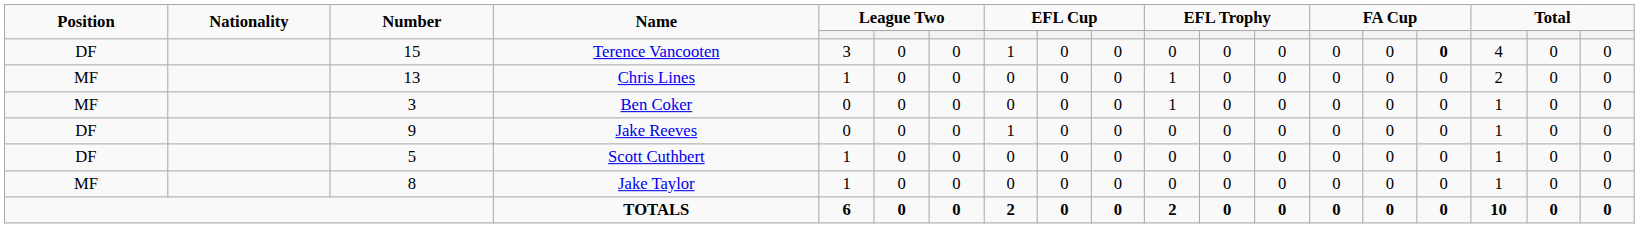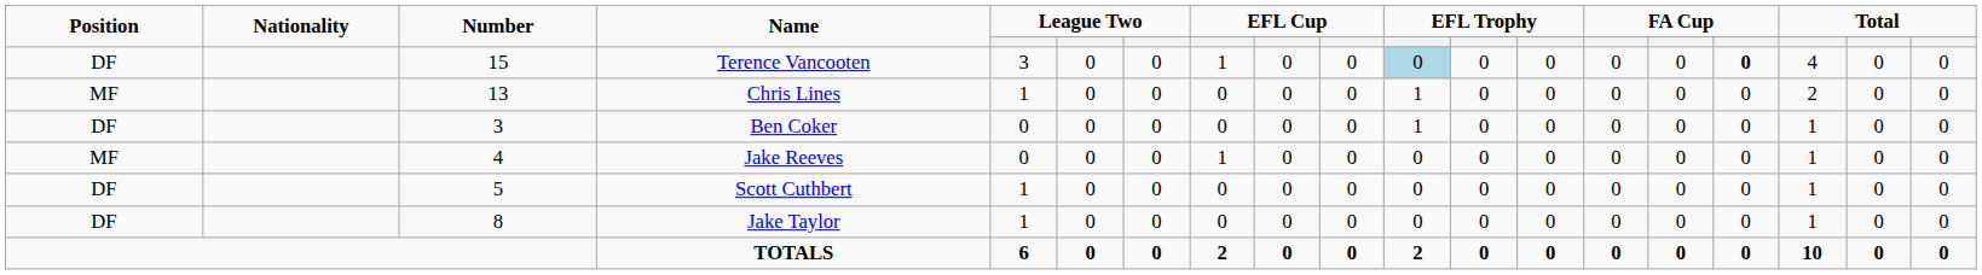 <table class="wikitable" style="font-size: 100%; text-align: center;">
 <tr>
 <td rowspan="2" width="10%" align="center"><strong>Position</strong></td>
 <td rowspan="2" width="10%" align="center"><strong>Nationality</strong></td>
 <td rowspan="2" width="10%" align="center"><strong>Number</strong></td>
 <td rowspan="2" width="20%" align="center"><strong>Name</strong></td>
 <td colspan="3" align="center"><strong>League Two</strong></td>
 <td colspan="3" align="center"><strong>EFL Cup</strong></td>
 <td colspan="3" align="center"><strong>EFL Trophy</strong></td>
 <td colspan="3" align="center"><strong>FA Cup</strong></td>
 <td colspan="3" align="center"><strong>Total</strong></td>
 </tr>
 <tr>
 <th width=60 style="background:"></th>
 <th width=60 style="background:"></th>
 <th width=60 style="background:"></th>
 <th width=60 style="background:"></th>
 <th width=60 style="background:"></th>
 <th width=60 style="background:"></th>
 <th width=60 style="background:"></th>
 <th width=60 style="background:"></th>
 <th width=60 style="background:"></th>
 <th width=60 style="background:"></th>
 <th width=60 style="background:"></th>
 <th width=60 style="background:"></th>
 <th width=60 style="background:"></th>
 <th width=60 style="background:"></th>
 <th width=60 style="background:"></th>
 </tr>
 <tr>
 <td>DF</td>
 <td></td>
 <td>15</td>
 <td><a href='#'>Terence Vancooten</a></td>
 <td>3</td>
 <td>0</td>
 <td>0</td>
 <td>1</td>
 <td>0</td>
 <td>0</td>
-<td>0</td>
+<td style="background: lightblue;">0</td>
 <td>0</td>
 <td>0</td>
 <td>0</td>
 <td>0</td>
 <td><strong>0</strong></td>
 <td>4</td>
 <td>0</td>
 <td>0</td>
 </tr>
 <tr>
 <td>MF</td>
 <td></td>
 <td>13</td>
 <td><a href='#'>Chris Lines</a></td>
 <td>1</td>
 <td>0</td>
 <td>0</td>
 <td>0</td>
 <td>0</td>
 <td>0</td>
 <td>1</td>
 <td>0</td>
 <td>0</td>
 <td>0</td>
 <td>0</td>
 <td>0</td>
 <td>2</td>
 <td>0</td>
 <td>0</td>
 </tr>
 <tr>
-<td>MF</td>
+<td>DF</td>
 <td></td>
 <td>3</td>
 <td><a href='#'>Ben Coker</a></td>
 <td>0</td>
 <td>0</td>
 <td>0</td>
 <td>0</td>
 <td>0</td>
 <td>0</td>
 <td>1</td>
 <td>0</td>
 <td>0</td>
 <td>0</td>
 <td>0</td>
 <td>0</td>
 <td>1</td>
 <td>0</td>
 <td>0</td>
 </tr>
 <tr>
-<td>DF</td>
+<td>MF</td>
 <td></td>
-<td>9</td>
+<td>4</td>
 <td><a href='#'>Jake Reeves</a></td>
 <td>0</td>
 <td>0</td>
 <td>0</td>
 <td>1</td>
 <td>0</td>
 <td>0</td>
 <td>0</td>
 <td>0</td>
 <td>0</td>
 <td>0</td>
 <td>0</td>
 <td>0</td>
 <td>1</td>
 <td>0</td>
 <td>0</td>
 </tr>
 <tr>
 <td>DF</td>
 <td></td>
 <td>5</td>
 <td><a href='#'>Scott Cuthbert</a></td>
 <td>1</td>
 <td>0</td>
 <td>0</td>
 <td>0</td>
 <td>0</td>
 <td>0</td>
 <td>0</td>
 <td>0</td>
 <td>0</td>
 <td>0</td>
 <td>0</td>
 <td>0</td>
 <td>1</td>
 <td>0</td>
 <td>0</td>
 </tr>
 <tr>
-<td>MF</td>
+<td>DF</td>
 <td></td>
 <td>8</td>
 <td><a href='#'>Jake Taylor</a></td>
 <td>1</td>
 <td>0</td>
 <td>0</td>
 <td>0</td>
 <td>0</td>
 <td>0</td>
 <td>0</td>
 <td>0</td>
 <td>0</td>
 <td>0</td>
 <td>0</td>
 <td>0</td>
 <td>1</td>
 <td>0</td>
 <td>0</td>
 </tr>
 <tr>
 <td colspan="3"></td>
 <td><strong>TOTALS</strong></td>
 <td><strong>6</strong></td>
 <td><strong>0</strong></td>
 <td><strong>0</strong></td>
 <td><strong>2</strong></td>
 <td><strong>0</strong></td>
 <td><strong>0</strong></td>
 <td><strong>2</strong></td>
 <td><strong>0</strong></td>
 <td><strong>0</strong></td>
 <td><strong>0</strong></td>
 <td><strong>0</strong></td>
 <td><strong>0</strong></td>
 <td><strong>10</strong></td>
 <td><strong>0</strong></td>
 <td><strong>0</strong></td>
 </tr>
 </table>
